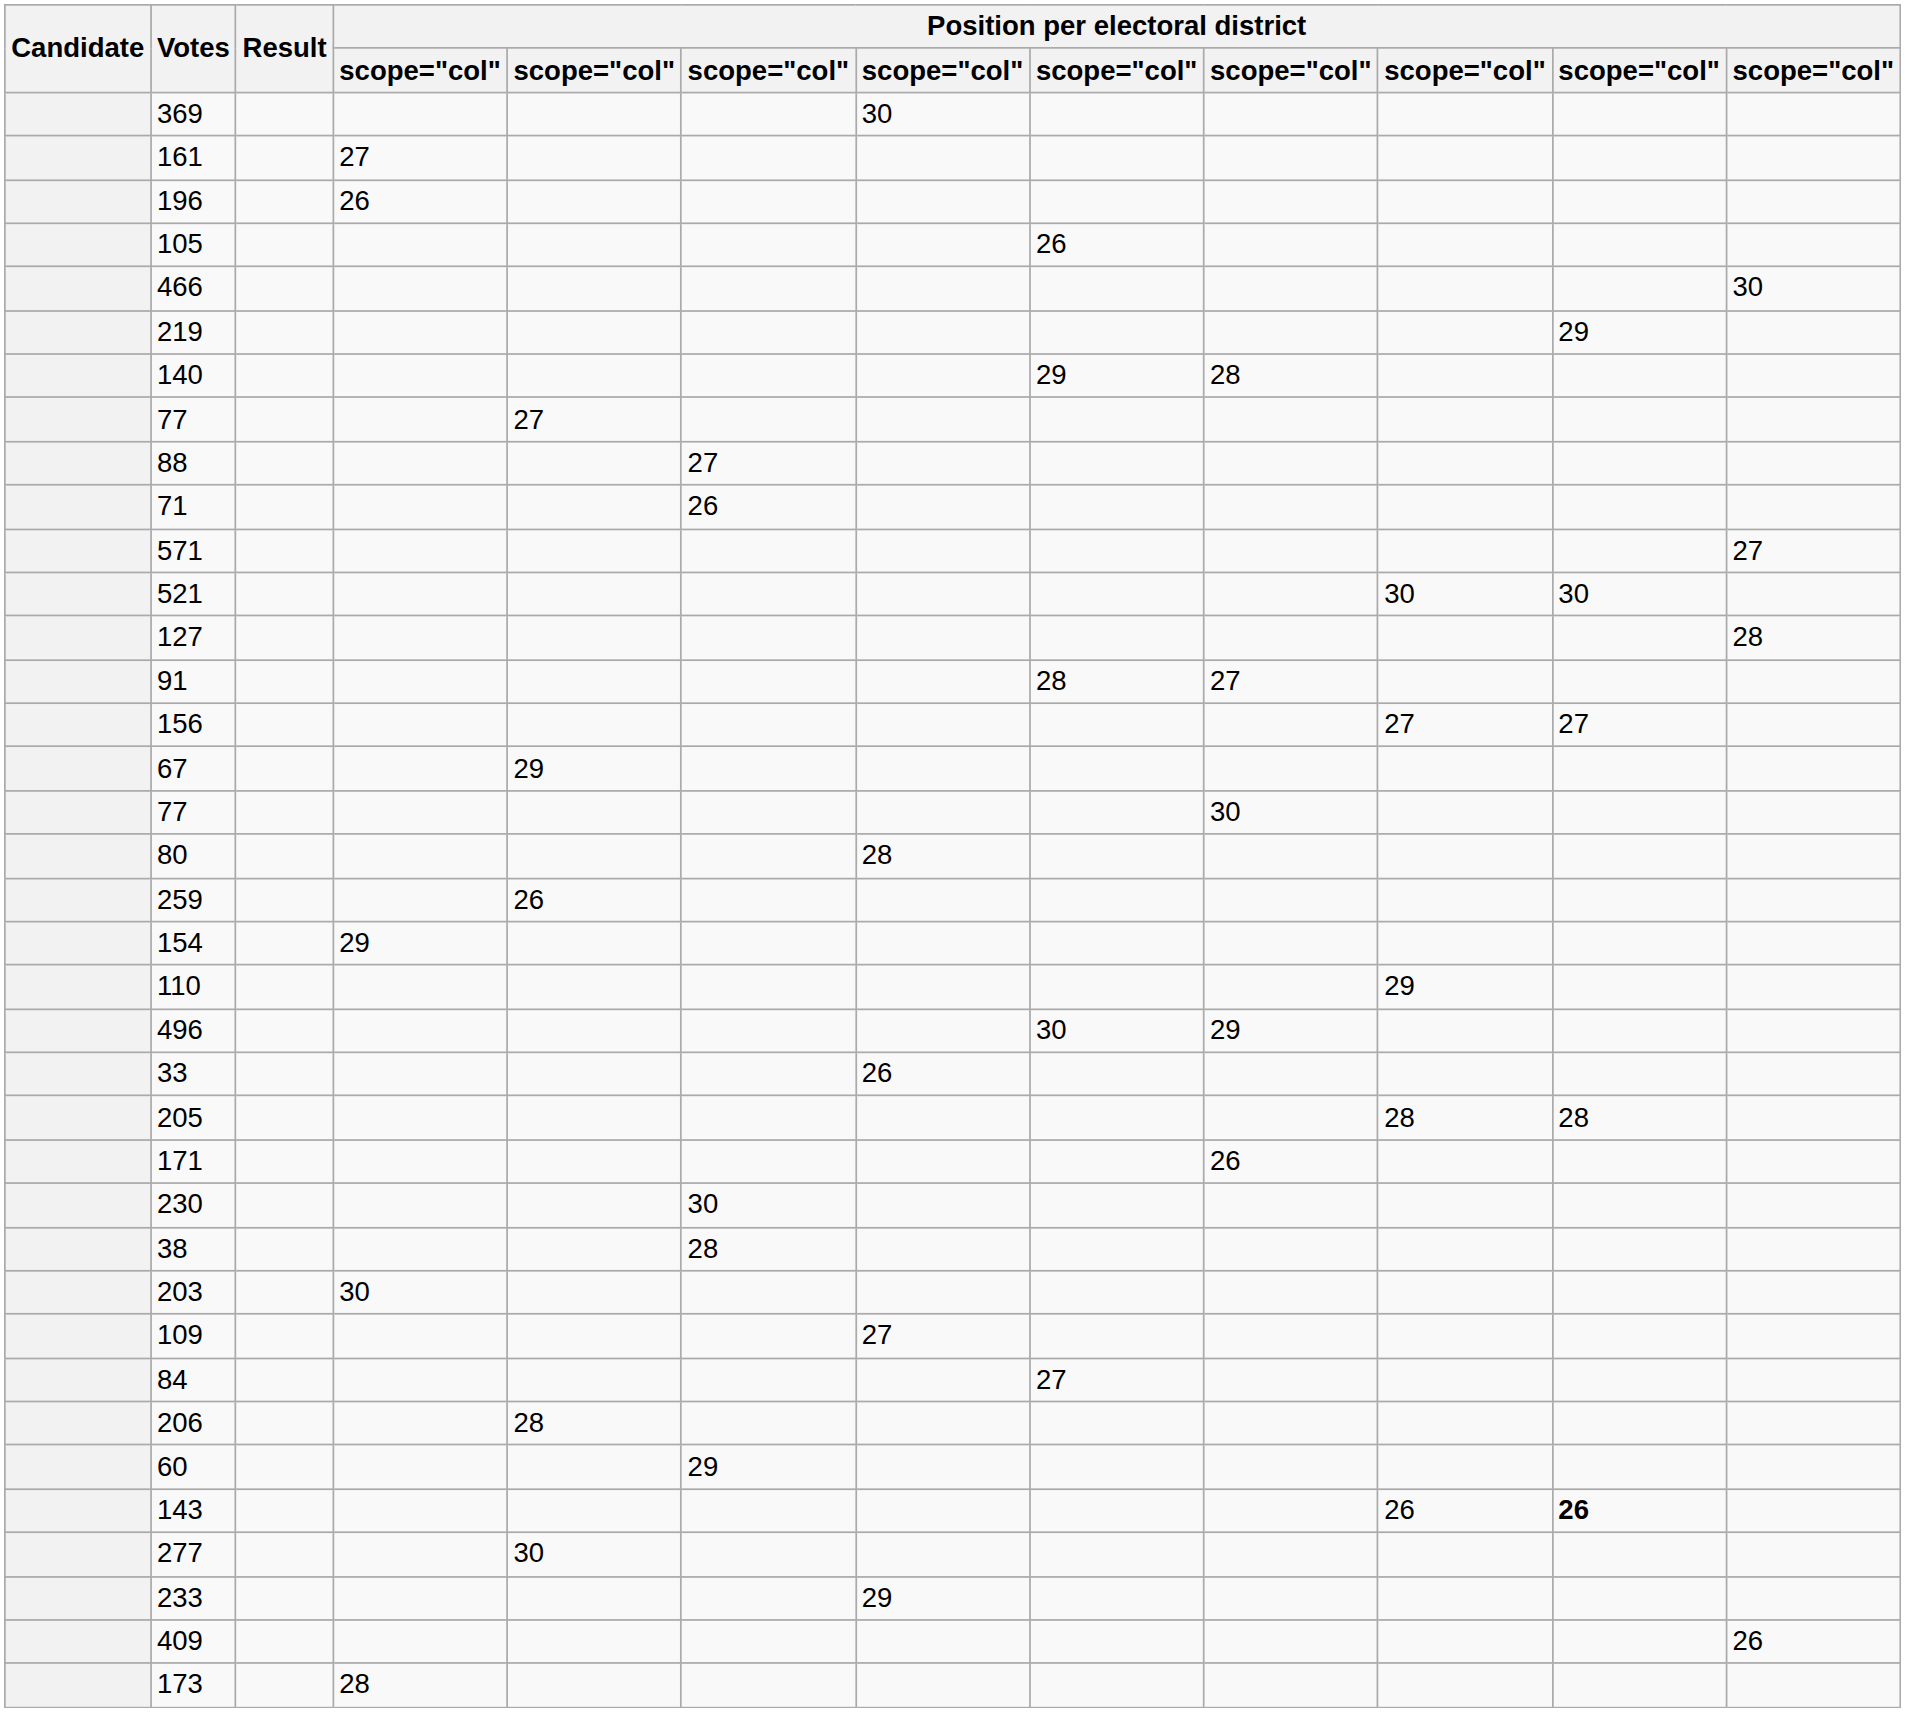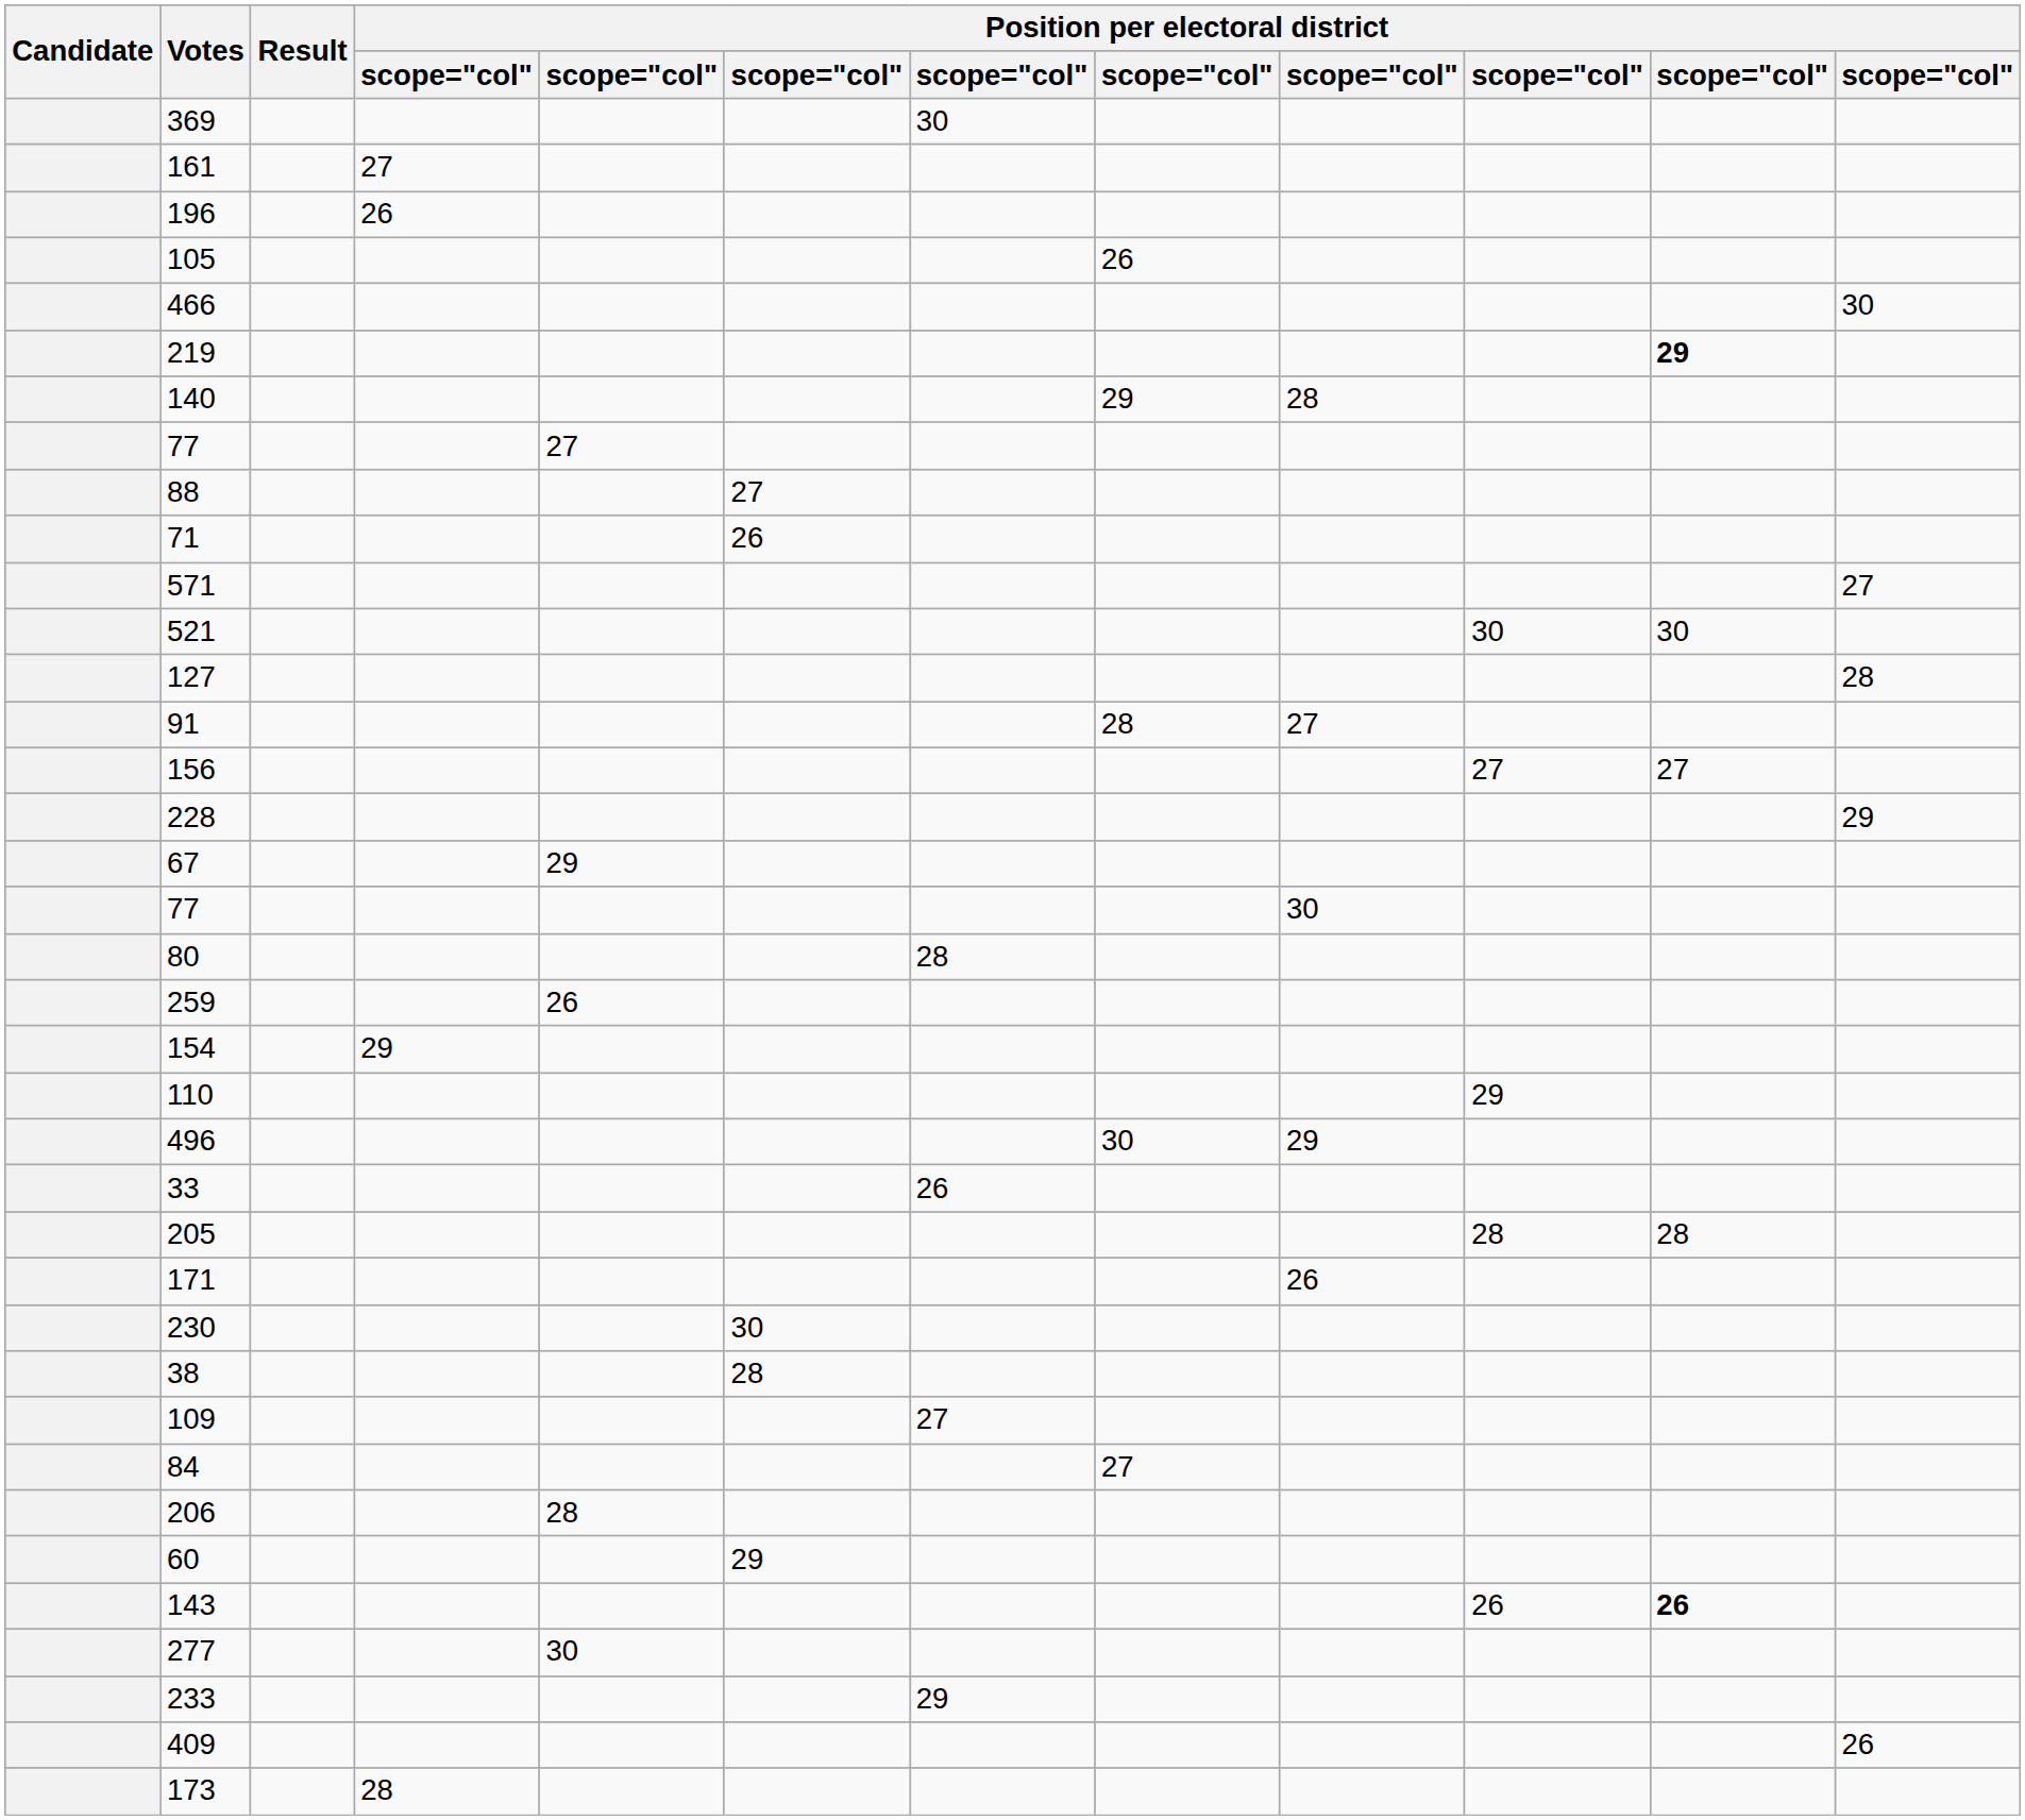 <table class="wikitable sortable defaultright col3left">
 <tr>
 <th scope="col" rowspan="2">Candidate</th>
 <th scope="col" rowspan="2">Votes</th>
 <th scope="col" rowspan="2">Result</th>
 <th scope="col" colspan="9">Position per electoral district</th>
 </tr>
 <tr>
 <th>scope="col" </th>
 <th>scope="col" </th>
 <th>scope="col" </th>
 <th>scope="col" </th>
 <th>scope="col" </th>
 <th>scope="col" </th>
 <th>scope="col" </th>
 <th>scope="col" </th>
 <th>scope="col" </th>
 </tr>
 <tr>
 <th scope="row"></th>
 <td>369</td>
 <td></td>
 <td></td>
 <td></td>
 <td></td>
 <td>30</td>
 <td></td>
 <td></td>
 <td></td>
 <td></td>
 <td></td>
 </tr>
 <tr>
 <th scope="row"></th>
 <td>161</td>
 <td></td>
 <td>27</td>
 <td></td>
 <td></td>
 <td></td>
 <td></td>
 <td></td>
 <td></td>
 <td></td>
 <td></td>
 </tr>
 <tr>
 <th scope="row"></th>
 <td>196</td>
 <td></td>
 <td>26</td>
 <td></td>
 <td></td>
 <td></td>
 <td></td>
 <td></td>
 <td></td>
 <td></td>
 <td></td>
 </tr>
 <tr>
 <th scope="row"></th>
 <td>105</td>
 <td></td>
 <td></td>
 <td></td>
 <td></td>
 <td></td>
 <td>26</td>
 <td></td>
 <td></td>
 <td></td>
 <td></td>
 </tr>
 <tr>
 <th scope="row"></th>
 <td>466</td>
 <td></td>
 <td></td>
 <td></td>
 <td></td>
 <td></td>
 <td></td>
 <td></td>
 <td></td>
 <td></td>
 <td>30</td>
 </tr>
 <tr>
 <th scope="row"></th>
 <td>219</td>
 <td></td>
 <td></td>
 <td></td>
 <td></td>
 <td></td>
 <td></td>
 <td></td>
 <td></td>
-<td>29</td>
+<td><strong>29</strong></td>
 <td></td>
 </tr>
 <tr>
 <th scope="row"></th>
 <td>140</td>
 <td></td>
 <td></td>
 <td></td>
 <td></td>
 <td></td>
 <td>29</td>
 <td>28</td>
 <td></td>
 <td></td>
 <td></td>
 </tr>
 <tr>
 <th scope="row"></th>
 <td>77</td>
 <td></td>
 <td></td>
 <td>27</td>
 <td></td>
 <td></td>
 <td></td>
 <td></td>
 <td></td>
 <td></td>
 <td></td>
 </tr>
 <tr>
 <th scope="row"></th>
 <td>88</td>
 <td></td>
 <td></td>
 <td></td>
 <td>27</td>
 <td></td>
 <td></td>
 <td></td>
 <td></td>
 <td></td>
 <td></td>
 </tr>
 <tr>
 <th scope="row"></th>
 <td>71</td>
 <td></td>
 <td></td>
 <td></td>
 <td>26</td>
 <td></td>
 <td></td>
 <td></td>
 <td></td>
 <td></td>
 <td></td>
 </tr>
 <tr>
 <th scope="row"></th>
 <td>571</td>
 <td></td>
 <td></td>
 <td></td>
 <td></td>
 <td></td>
 <td></td>
 <td></td>
 <td></td>
 <td></td>
 <td>27</td>
 </tr>
 <tr>
 <th scope="row"></th>
 <td>521</td>
 <td></td>
 <td></td>
 <td></td>
 <td></td>
 <td></td>
 <td></td>
 <td></td>
 <td>30</td>
 <td>30</td>
 <td></td>
 </tr>
 <tr>
 <th scope="row"></th>
 <td>127</td>
 <td></td>
 <td></td>
 <td></td>
 <td></td>
 <td></td>
 <td></td>
 <td></td>
 <td></td>
 <td></td>
 <td>28</td>
 </tr>
 <tr>
 <th scope="row"></th>
 <td>91</td>
 <td></td>
 <td></td>
 <td></td>
 <td></td>
 <td></td>
 <td>28</td>
 <td>27</td>
 <td></td>
 <td></td>
 <td></td>
 </tr>
 <tr>
 <th scope="row"></th>
 <td>156</td>
 <td></td>
 <td></td>
 <td></td>
 <td></td>
 <td></td>
 <td></td>
 <td></td>
 <td>27</td>
 <td>27</td>
 <td></td>
+</tr>
+<tr>
+<th scope="row"></th>
+<td>228</td>
+<td></td>
+<td></td>
+<td></td>
+<td></td>
+<td></td>
+<td></td>
+<td></td>
+<td></td>
+<td></td>
+<td>29</td>
 </tr>
 <tr>
 <th scope="row"></th>
 <td>67</td>
 <td></td>
 <td></td>
 <td>29</td>
 <td></td>
 <td></td>
 <td></td>
 <td></td>
 <td></td>
 <td></td>
 <td></td>
 </tr>
 <tr>
 <th scope="row"></th>
 <td>77</td>
 <td></td>
 <td></td>
 <td></td>
 <td></td>
 <td></td>
 <td></td>
 <td>30</td>
 <td></td>
 <td></td>
 <td></td>
 </tr>
 <tr>
 <th scope="row"></th>
 <td>80</td>
 <td></td>
 <td></td>
 <td></td>
 <td></td>
 <td>28</td>
 <td></td>
 <td></td>
 <td></td>
 <td></td>
 <td></td>
 </tr>
 <tr>
 <th scope="row"></th>
 <td>259</td>
 <td></td>
 <td></td>
 <td>26</td>
 <td></td>
 <td></td>
 <td></td>
 <td></td>
 <td></td>
 <td></td>
 <td></td>
 </tr>
 <tr>
 <th scope="row"></th>
 <td>154</td>
 <td></td>
 <td>29</td>
 <td></td>
 <td></td>
 <td></td>
 <td></td>
 <td></td>
 <td></td>
 <td></td>
 <td></td>
 </tr>
 <tr>
 <th scope="row"></th>
 <td>110</td>
 <td></td>
 <td></td>
 <td></td>
 <td></td>
 <td></td>
 <td></td>
 <td></td>
 <td>29</td>
 <td></td>
 <td></td>
 </tr>
 <tr>
 <th scope="row"></th>
 <td>496</td>
 <td></td>
 <td></td>
 <td></td>
 <td></td>
 <td></td>
 <td>30</td>
 <td>29</td>
 <td></td>
 <td></td>
 <td></td>
 </tr>
 <tr>
 <th scope="row"></th>
 <td>33</td>
 <td></td>
 <td></td>
 <td></td>
 <td></td>
 <td>26</td>
 <td></td>
 <td></td>
 <td></td>
 <td></td>
 <td></td>
 </tr>
 <tr>
 <th scope="row"></th>
 <td>205</td>
 <td></td>
 <td></td>
 <td></td>
 <td></td>
 <td></td>
 <td></td>
 <td></td>
 <td>28</td>
 <td>28</td>
 <td></td>
 </tr>
 <tr>
 <th scope="row"></th>
 <td>171</td>
 <td></td>
 <td></td>
 <td></td>
 <td></td>
 <td></td>
 <td></td>
 <td>26</td>
 <td></td>
 <td></td>
 <td></td>
 </tr>
 <tr>
 <th scope="row"></th>
 <td>230</td>
 <td></td>
 <td></td>
 <td></td>
 <td>30</td>
 <td></td>
 <td></td>
 <td></td>
 <td></td>
 <td></td>
 <td></td>
 </tr>
 <tr>
 <th scope="row"></th>
 <td>38</td>
 <td></td>
 <td></td>
 <td></td>
 <td>28</td>
 <td></td>
 <td></td>
 <td></td>
 <td></td>
 <td></td>
 <td></td>
 </tr>
 <tr>
 <th scope="row"></th>
-<td>203</td>
-<td></td>
-<td>30</td>
-<td></td>
-<td></td>
-<td></td>
-<td></td>
-<td></td>
-<td></td>
-<td></td>
-<td></td>
-</tr>
-<tr>
-<th scope="row"></th>
 <td>109</td>
 <td></td>
 <td></td>
 <td></td>
 <td></td>
 <td>27</td>
 <td></td>
 <td></td>
 <td></td>
 <td></td>
 <td></td>
 </tr>
 <tr>
 <th scope="row"></th>
 <td>84</td>
 <td></td>
 <td></td>
 <td></td>
 <td></td>
 <td></td>
 <td>27</td>
 <td></td>
 <td></td>
 <td></td>
 <td></td>
 </tr>
 <tr>
 <th scope="row"></th>
 <td>206</td>
 <td></td>
 <td></td>
 <td>28</td>
 <td></td>
 <td></td>
 <td></td>
 <td></td>
 <td></td>
 <td></td>
 <td></td>
 </tr>
 <tr>
 <th scope="row"></th>
 <td>60</td>
 <td></td>
 <td></td>
 <td></td>
 <td>29</td>
 <td></td>
 <td></td>
 <td></td>
 <td></td>
 <td></td>
 <td></td>
 </tr>
 <tr>
 <th scope="row"></th>
 <td>143</td>
 <td></td>
 <td></td>
 <td></td>
 <td></td>
 <td></td>
 <td></td>
 <td></td>
 <td>26</td>
 <td><strong>26</strong></td>
 <td></td>
 </tr>
 <tr>
 <th scope="row"></th>
 <td>277</td>
 <td></td>
 <td></td>
 <td>30</td>
 <td></td>
 <td></td>
 <td></td>
 <td></td>
 <td></td>
 <td></td>
 <td></td>
 </tr>
 <tr>
 <th scope="row"></th>
 <td>233</td>
 <td></td>
 <td></td>
 <td></td>
 <td></td>
 <td>29</td>
 <td></td>
 <td></td>
 <td></td>
 <td></td>
 <td></td>
 </tr>
 <tr>
 <th scope="row"></th>
 <td>409</td>
 <td></td>
 <td></td>
 <td></td>
 <td></td>
 <td></td>
 <td></td>
 <td></td>
 <td></td>
 <td></td>
 <td>26</td>
 </tr>
 <tr>
 <th scope="row"></th>
 <td>173</td>
 <td></td>
 <td>28</td>
 <td></td>
 <td></td>
 <td></td>
 <td></td>
 <td></td>
 <td></td>
 <td></td>
 <td></td>
 </tr>
 </table>
